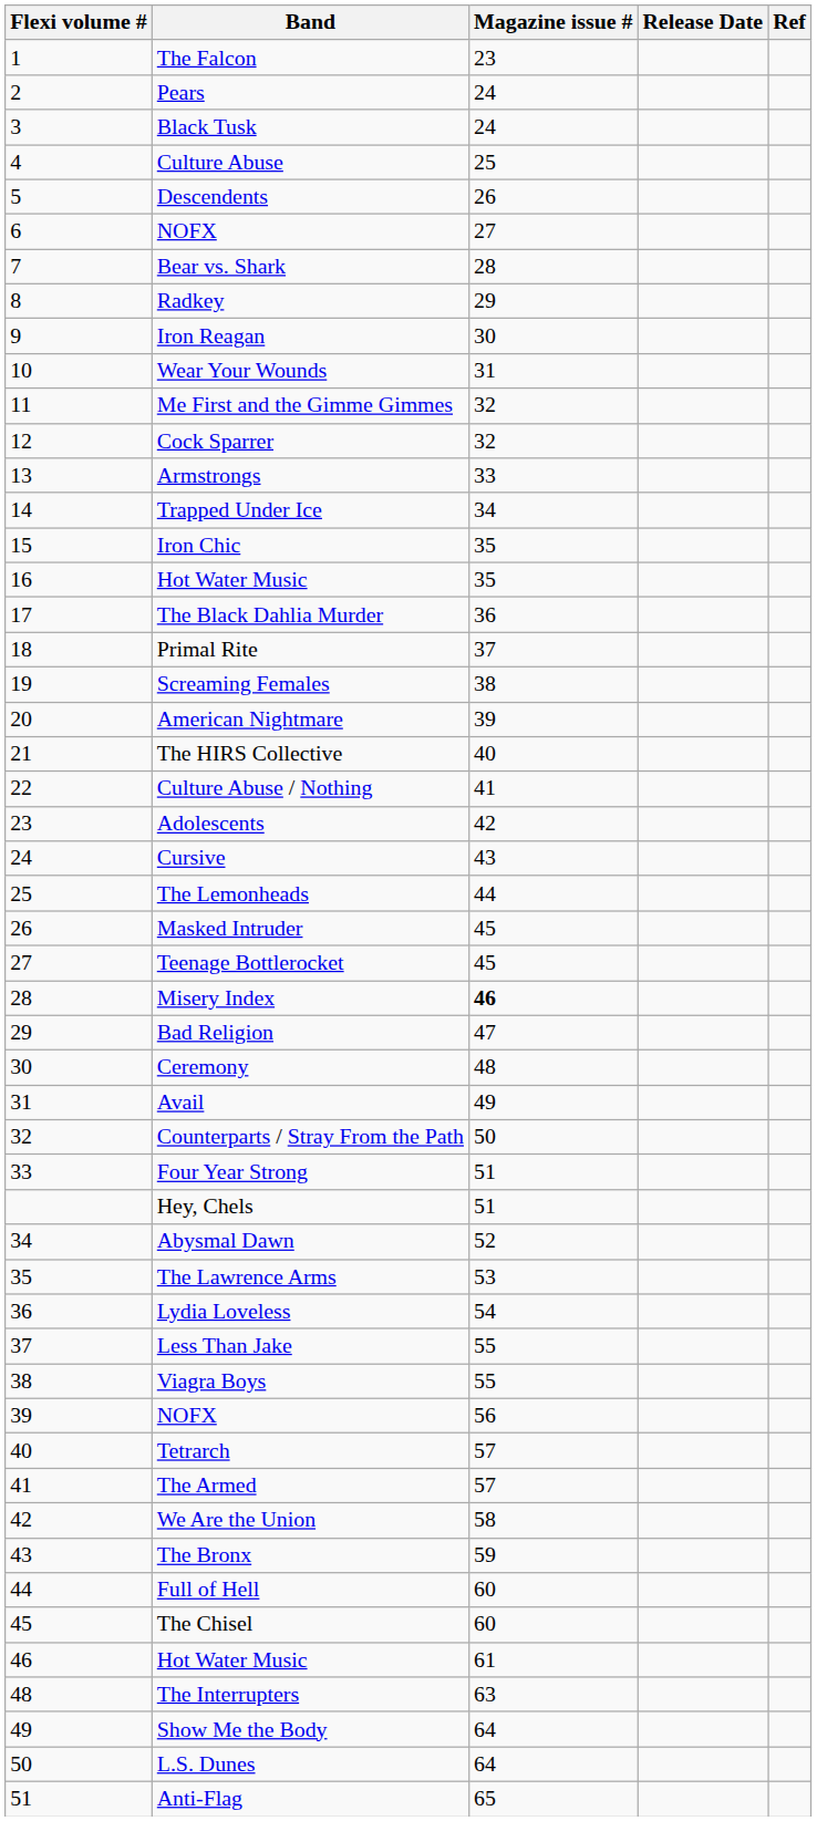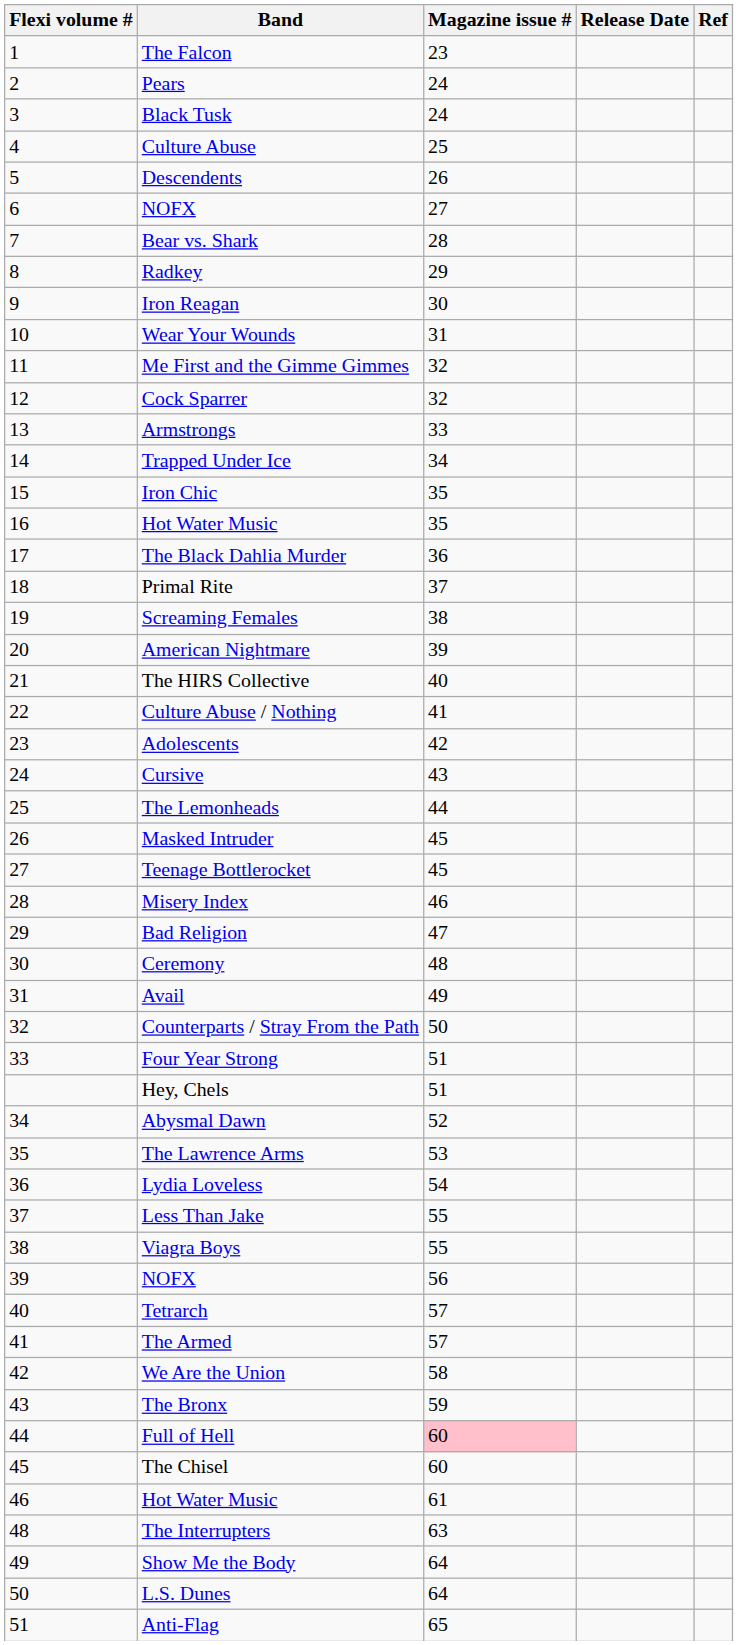 <table class="wikitable sortable">
 <tr>
 <th>Flexi volume #</th>
 <th>Band</th>
 <th>Magazine issue #</th>
 <th>Release Date</th>
 <th>Ref</th>
 </tr>
 <tr>
 <td>1</td>
 <td><a href='#'>The Falcon</a></td>
 <td>23</td>
 <td></td>
 <td></td>
 </tr>
 <tr>
 <td>2</td>
 <td><a href='#'>Pears</a></td>
 <td>24</td>
 <td></td>
 <td></td>
 </tr>
 <tr>
 <td>3</td>
 <td><a href='#'>Black Tusk</a></td>
 <td>24</td>
 <td></td>
 <td></td>
 </tr>
 <tr>
 <td>4</td>
 <td><a href='#'>Culture Abuse</a></td>
 <td>25</td>
 <td></td>
 <td></td>
 </tr>
 <tr>
 <td>5</td>
 <td><a href='#'>Descendents</a></td>
 <td>26</td>
 <td></td>
 <td></td>
 </tr>
 <tr>
 <td>6</td>
 <td><a href='#'>NOFX</a></td>
 <td>27</td>
 <td></td>
 <td></td>
 </tr>
 <tr>
 <td>7</td>
 <td><a href='#'>Bear vs. Shark</a></td>
 <td>28</td>
 <td></td>
 <td></td>
 </tr>
 <tr>
 <td>8</td>
 <td><a href='#'>Radkey</a></td>
 <td>29</td>
 <td></td>
 <td></td>
 </tr>
 <tr>
 <td>9</td>
 <td><a href='#'>Iron Reagan</a></td>
 <td>30</td>
 <td></td>
 <td></td>
 </tr>
 <tr>
 <td>10</td>
 <td><a href='#'>Wear Your Wounds</a></td>
 <td>31</td>
 <td></td>
 <td></td>
 </tr>
 <tr>
 <td>11</td>
 <td><a href='#'>Me First and the Gimme Gimmes</a></td>
 <td>32</td>
 <td></td>
 <td></td>
 </tr>
 <tr>
 <td>12</td>
 <td><a href='#'>Cock Sparrer</a></td>
 <td>32</td>
 <td></td>
 <td></td>
 </tr>
 <tr>
 <td>13</td>
 <td><a href='#'>Armstrongs</a></td>
 <td>33</td>
 <td></td>
 <td></td>
 </tr>
 <tr>
 <td>14</td>
 <td><a href='#'>Trapped Under Ice</a></td>
 <td>34</td>
 <td></td>
 <td></td>
 </tr>
 <tr>
 <td>15</td>
 <td><a href='#'>Iron Chic</a></td>
 <td>35</td>
 <td></td>
 <td></td>
 </tr>
 <tr>
 <td>16</td>
 <td><a href='#'>Hot Water Music</a></td>
 <td>35</td>
 <td></td>
 <td></td>
 </tr>
 <tr>
 <td>17</td>
 <td><a href='#'>The Black Dahlia Murder</a></td>
 <td>36</td>
 <td></td>
 <td></td>
 </tr>
 <tr>
 <td>18</td>
 <td>Primal Rite</td>
 <td>37</td>
 <td></td>
 <td></td>
 </tr>
 <tr>
 <td>19</td>
 <td><a href='#'>Screaming Females</a></td>
 <td>38</td>
 <td></td>
 <td></td>
 </tr>
 <tr>
 <td>20</td>
 <td><a href='#'>American Nightmare</a></td>
 <td>39</td>
 <td></td>
 <td></td>
 </tr>
 <tr>
 <td>21</td>
 <td>The HIRS Collective</td>
 <td>40</td>
 <td></td>
 <td></td>
 </tr>
 <tr>
 <td>22</td>
 <td><a href='#'>Culture Abuse</a> / <a href='#'>Nothing</a></td>
 <td>41</td>
 <td></td>
 <td></td>
 </tr>
 <tr>
 <td>23</td>
 <td><a href='#'>Adolescents</a></td>
 <td>42</td>
 <td></td>
 <td></td>
 </tr>
 <tr>
 <td>24</td>
 <td><a href='#'>Cursive</a></td>
 <td>43</td>
 <td></td>
 <td></td>
 </tr>
 <tr>
 <td>25</td>
 <td><a href='#'>The Lemonheads</a></td>
 <td>44</td>
 <td></td>
 <td></td>
 </tr>
 <tr>
 <td>26</td>
 <td><a href='#'>Masked Intruder</a></td>
 <td>45</td>
 <td></td>
 <td></td>
 </tr>
 <tr>
 <td>27</td>
 <td><a href='#'>Teenage Bottlerocket</a></td>
 <td>45</td>
 <td></td>
 <td></td>
 </tr>
 <tr>
 <td>28</td>
 <td><a href='#'>Misery Index</a></td>
-<td><strong>46</strong></td>
+<td>46</td>
 <td></td>
 <td></td>
 </tr>
 <tr>
 <td>29</td>
 <td><a href='#'>Bad Religion</a></td>
 <td>47</td>
 <td></td>
 <td></td>
 </tr>
 <tr>
 <td>30</td>
 <td><a href='#'>Ceremony</a></td>
 <td>48</td>
 <td></td>
 <td></td>
 </tr>
 <tr>
 <td>31</td>
 <td><a href='#'>Avail</a></td>
 <td>49</td>
 <td></td>
 <td></td>
 </tr>
 <tr>
 <td>32</td>
 <td><a href='#'>Counterparts</a> / <a href='#'>Stray From the Path</a></td>
 <td>50</td>
 <td></td>
 <td></td>
 </tr>
 <tr>
 <td>33</td>
 <td><a href='#'>Four Year Strong</a></td>
 <td>51</td>
 <td></td>
 <td></td>
 </tr>
 <tr>
 <td></td>
 <td>Hey, Chels</td>
 <td>51</td>
 <td></td>
 <td></td>
 </tr>
 <tr>
 <td>34</td>
 <td><a href='#'>Abysmal Dawn</a></td>
 <td>52</td>
 <td></td>
 <td></td>
 </tr>
 <tr>
 <td>35</td>
 <td><a href='#'>The Lawrence Arms</a></td>
 <td>53</td>
 <td></td>
 <td></td>
 </tr>
 <tr>
 <td>36</td>
 <td><a href='#'>Lydia Loveless</a></td>
 <td>54</td>
 <td></td>
 <td></td>
 </tr>
 <tr>
 <td>37</td>
 <td><a href='#'>Less Than Jake</a></td>
 <td>55</td>
 <td></td>
 <td></td>
 </tr>
 <tr>
 <td>38</td>
 <td><a href='#'>Viagra Boys</a></td>
 <td>55</td>
 <td></td>
 <td></td>
 </tr>
 <tr>
 <td>39</td>
 <td><a href='#'>NOFX</a></td>
 <td>56</td>
 <td></td>
 <td></td>
 </tr>
 <tr>
 <td>40</td>
 <td><a href='#'>Tetrarch</a></td>
 <td>57</td>
 <td></td>
 <td></td>
 </tr>
 <tr>
 <td>41</td>
 <td><a href='#'>The Armed</a></td>
 <td>57</td>
 <td></td>
 <td></td>
 </tr>
 <tr>
 <td>42</td>
 <td><a href='#'>We Are the Union</a></td>
 <td>58</td>
 <td></td>
 <td></td>
 </tr>
 <tr>
 <td>43</td>
 <td><a href='#'>The Bronx</a></td>
 <td>59</td>
 <td></td>
 <td></td>
 </tr>
 <tr>
 <td>44</td>
 <td><a href='#'>Full of Hell</a></td>
-<td>60</td>
+<td style="background: pink;">60</td>
 <td></td>
 <td></td>
 </tr>
 <tr>
 <td>45</td>
 <td>The Chisel</td>
 <td>60</td>
 <td></td>
 <td></td>
 </tr>
 <tr>
 <td>46</td>
 <td><a href='#'>Hot Water Music</a></td>
 <td>61</td>
 <td></td>
 <td></td>
 </tr>
 <tr>
 <td>48</td>
 <td><a href='#'>The Interrupters</a></td>
 <td>63</td>
 <td></td>
 <td></td>
 </tr>
 <tr>
 <td>49</td>
 <td><a href='#'>Show Me the Body</a></td>
 <td>64</td>
 <td></td>
 <td></td>
 </tr>
 <tr>
 <td>50</td>
 <td><a href='#'>L.S. Dunes</a></td>
 <td>64</td>
 <td></td>
 <td></td>
 </tr>
 <tr>
 <td>51</td>
 <td><a href='#'>Anti-Flag</a></td>
 <td>65</td>
 <td></td>
 <td></td>
 </tr>
 </table>
